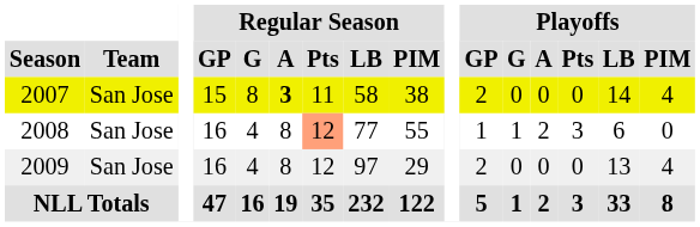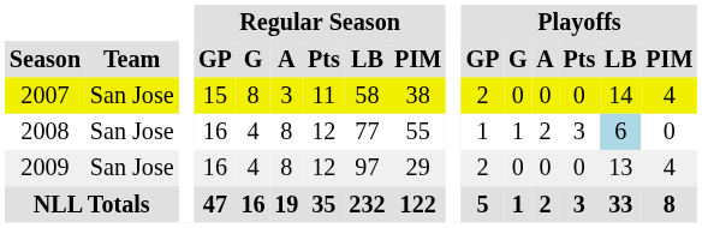 <table BORDER="0" CELLPADDING="3" CELLSPACING="0">
 <tr ALIGN="center" bgcolor="#e0e0e0">
 <th colspan="2" bgcolor="#ffffff"> </th>
 <th rowspan="99" bgcolor="#ffffff"> </th>
 <th colspan="6">Regular Season</th>
 <th rowspan="99" bgcolor="#ffffff"> </th>
 <th colspan="6">Playoffs</th>
 </tr>
 <tr ALIGN="center" bgcolor="#e0e0e0">
 <th>Season</th>
 <th>Team</th>
 <th>GP</th>
 <th>G</th>
 <th>A</th>
 <th>Pts</th>
 <th>LB</th>
 <th>PIM</th>
 <th>GP</th>
 <th>G</th>
 <th>A</th>
 <th>Pts</th>
 <th>LB</th>
 <th>PIM</th>
 </tr>
 <tr ALIGN="center" bgcolor="#f0f0fhg ut0">
 <td>2007</td>
 <td>San Jose</td>
 <td>15</td>
 <td>8</td>
-<td><strong>3</strong></td>
+<td>3</td>
 <td>11</td>
 <td>58</td>
 <td>38</td>
 <td>2</td>
 <td>0</td>
 <td>0</td>
 <td>0</td>
 <td>14</td>
 <td>4</td>
 </tr>
 <tr ALIGN="center">
 <td>2008</td>
 <td>San Jose</td>
 <td>16</td>
 <td>4</td>
 <td>8</td>
-<td style="background: lightsalmon;">12</td>
+<td>12</td>
 <td>77</td>
 <td>55</td>
 <td>1</td>
 <td>1</td>
 <td>2</td>
 <td>3</td>
-<td>6</td>
+<td style="background: lightblue;">6</td>
 <td>0</td>
 </tr>
 <tr ALIGN="center" bgcolor="#f0f0f0">
 <td>2009</td>
 <td>San Jose</td>
 <td>16</td>
 <td>4</td>
 <td>8</td>
 <td>12</td>
 <td>97</td>
 <td>29</td>
 <td>2</td>
 <td>0</td>
 <td>0</td>
 <td>0</td>
 <td>13</td>
 <td>4</td>
 </tr>
 <tr ALIGN="center" bgcolor="#e0e0e0">
 <th colspan="2">NLL Totals</th>
 <th>47</th>
 <th>16</th>
 <th>19</th>
 <th>35</th>
 <th>232</th>
 <th>122</th>
 <th>5</th>
 <th>1</th>
 <th>2</th>
 <th>3</th>
 <th>33</th>
 <th>8</th>
 </tr>
 </table>
